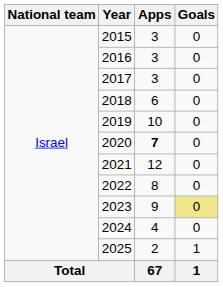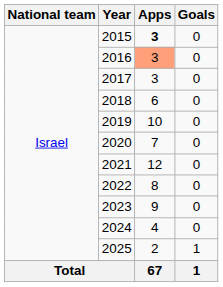 <table class="wikitable" style="text-align:center">
 <tr>
 <th>National team</th>
 <th>Year</th>
 <th>Apps</th>
 <th>Goals</th>
 </tr>
 <tr>
 <td rowspan="11"><a href='#'>Israel</a></td>
 <td>2015</td>
-<td>3</td>
+<td><strong>3</strong></td>
 <td>0</td>
 </tr>
 <tr>
 <td>2016</td>
-<td>3</td>
+<td style="background: lightsalmon;">3</td>
 <td>0</td>
 </tr>
 <tr>
 <td>2017</td>
 <td>3</td>
 <td>0</td>
 </tr>
 <tr>
 <td>2018</td>
 <td>6</td>
 <td>0</td>
 </tr>
 <tr>
 <td>2019</td>
 <td>10</td>
 <td>0</td>
 </tr>
 <tr>
 <td>2020</td>
-<td><strong>7</strong></td>
+<td>7</td>
 <td>0</td>
 </tr>
 <tr>
 <td>2021</td>
 <td>12</td>
 <td>0</td>
 </tr>
 <tr>
 <td>2022</td>
 <td>8</td>
 <td>0</td>
 </tr>
 <tr>
 <td>2023</td>
 <td>9</td>
-<td style="background: khaki;">0</td>
+<td>0</td>
 </tr>
 <tr>
 <td>2024</td>
 <td>4</td>
 <td>0</td>
 </tr>
 <tr>
 <td>2025</td>
 <td>2</td>
 <td>1</td>
 </tr>
 <tr>
 <th colspan="2">Total</th>
 <th>67</th>
 <th>1</th>
 </tr>
 </table>
